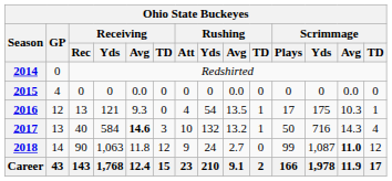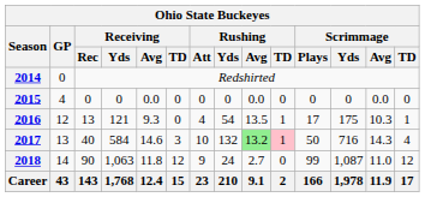 <table class="wikitable" style="text-align:center;">
 <tr>
 <th colspan="14">Ohio State Buckeyes</th>
 </tr>
 <tr>
 <th rowspan="2">Season</th>
 <th rowspan="2">GP</th>
 <th colspan="4">Receiving</th>
 <th colspan="4">Rushing</th>
 <th colspan="4">Scrimmage</th>
 </tr>
 <tr>
 <th>Rec</th>
 <th>Yds</th>
 <th>Avg</th>
 <th>TD</th>
 <th>Att</th>
 <th>Yds</th>
 <th>Avg</th>
 <th>TD</th>
 <th>Plays</th>
 <th>Yds</th>
 <th>Avg</th>
 <th>TD</th>
 </tr>
 <tr>
 <th><a href='#'>2014</a></th>
 <td>0</td>
 <td colspan="12"> <em>Redshirted</em></td>
 </tr>
 <tr>
 <th><a href='#'>2015</a></th>
 <td>4</td>
 <td>0</td>
 <td>0</td>
 <td>0.0</td>
 <td>0</td>
 <td>0</td>
 <td>0</td>
 <td>0.0</td>
 <td>0</td>
 <td>0</td>
 <td>0</td>
 <td>0.0</td>
 <td>0</td>
 </tr>
 <tr>
 <th><a href='#'>2016</a></th>
 <td>12</td>
 <td>13</td>
 <td>121</td>
 <td>9.3</td>
 <td>0</td>
 <td>4</td>
 <td>54</td>
 <td>13.5</td>
 <td>1</td>
 <td>17</td>
 <td>175</td>
 <td>10.3</td>
 <td>1</td>
 </tr>
 <tr>
 <th><a href='#'>2017</a></th>
 <td>13</td>
 <td>40</td>
 <td>584</td>
-<td><strong>14.6</strong></td>
+<td>14.6</td>
 <td>3</td>
 <td>10</td>
 <td>132</td>
-<td>13.2</td>
-<td>1</td>
+<td style="background: lightgreen;">13.2</td>
+<td style="background: pink;">1</td>
 <td>50</td>
 <td>716</td>
 <td>14.3</td>
 <td>4</td>
 </tr>
 <tr>
 <th><a href='#'>2018</a></th>
 <td>14</td>
 <td>90</td>
 <td>1,063</td>
 <td>11.8</td>
 <td>12</td>
 <td>9</td>
 <td>24</td>
 <td>2.7</td>
 <td>0</td>
 <td>99</td>
 <td>1,087</td>
-<td><strong>11.0</strong></td>
+<td>11.0</td>
 <td>12</td>
 </tr>
 <tr>
 <th>Career</th>
 <th>43</th>
 <th>143</th>
 <th>1,768</th>
 <th>12.4</th>
 <th>15</th>
 <th>23</th>
 <th>210</th>
 <th>9.1</th>
 <th>2</th>
 <th>166</th>
 <th>1,978</th>
 <th>11.9</th>
 <th>17</th>
 </tr>
 </table>
